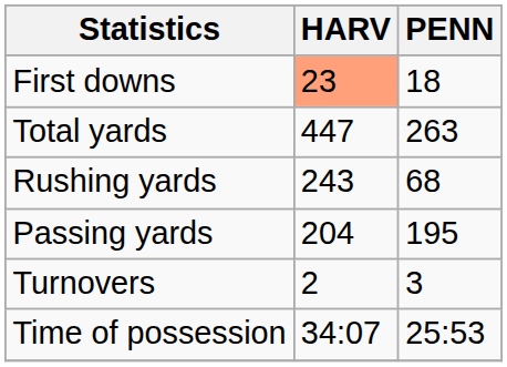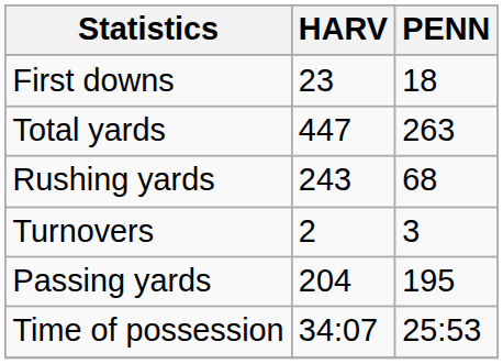 <table class="wikitable">
 <tr>
 <th>Statistics</th>
 <th>HARV</th>
 <th>PENN</th>
 </tr>
 <tr>
 <td>First downs</td>
-<td style="background: lightsalmon;">23</td>
+<td>23</td>
 <td>18</td>
 </tr>
 <tr>
 <td>Total yards</td>
 <td>447</td>
 <td>263</td>
 </tr>
 <tr>
 <td>Rushing yards</td>
 <td>243</td>
 <td>68</td>
 </tr>
 <tr>
+<td>Turnovers</td>
+<td>2</td>
+<td>3</td>
+</tr>
+<tr>
 <td>Passing yards</td>
 <td>204</td>
 <td>195</td>
-</tr>
-<tr>
-<td>Turnovers</td>
-<td>2</td>
-<td>3</td>
 </tr>
 <tr>
 <td>Time of possession</td>
 <td>34:07</td>
 <td>25:53</td>
 </tr>
 <tr>
 </tr>
 </table>
